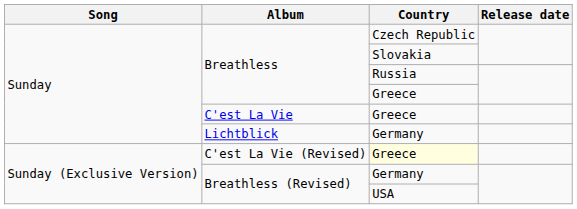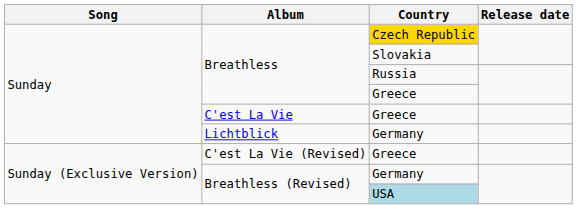 <table class="wikitable">
 <tr>
 <th>Song</th>
 <th>Album</th>
 <th>Country</th>
 <th>Release date</th>
 </tr>
 <tr>
 <td rowspan="6">Sunday</td>
 <td rowspan="4">Breathless</td>
-<td>Czech Republic</td>
+<td style="background: gold;">Czech Republic</td>
 <td rowspan="2"></td>
 </tr>
 <tr>
 <td>Slovakia</td>
 </tr>
 <tr>
 <td>Russia</td>
 <td rowspan="2"></td>
 </tr>
 <tr>
 <td>Greece</td>
 </tr>
 <tr>
 <td><a href='#'>C'est La Vie</a></td>
 <td>Greece</td>
 <td></td>
 </tr>
 <tr>
 <td><a href='#'>Lichtblick</a></td>
 <td>Germany</td>
 <td></td>
 </tr>
 <tr>
 <td rowspan="3">Sunday (Exclusive Version)</td>
 <td>C'est La Vie (Revised)</td>
-<td style="background: lightyellow;">Greece</td>
+<td>Greece</td>
 <td></td>
 </tr>
 <tr>
 <td rowspan="2">Breathless (Revised)</td>
 <td>Germany</td>
 <td rowspan="2"></td>
 </tr>
 <tr>
-<td>USA</td>
+<td style="background: lightblue;">USA</td>
 </tr>
 </table>
